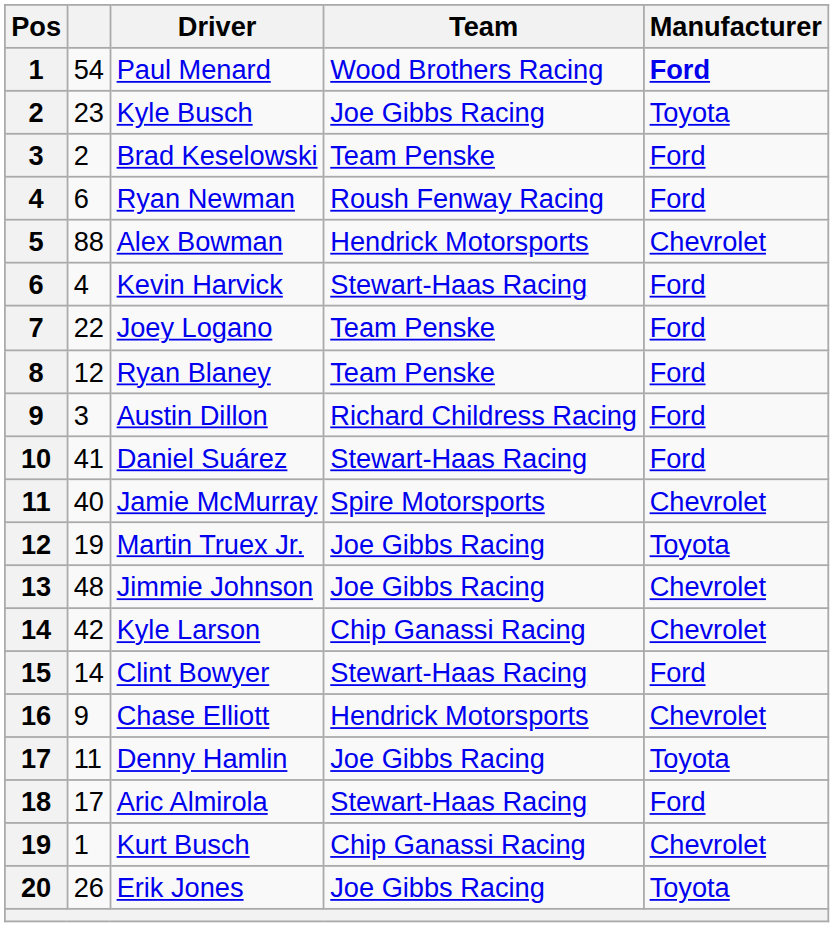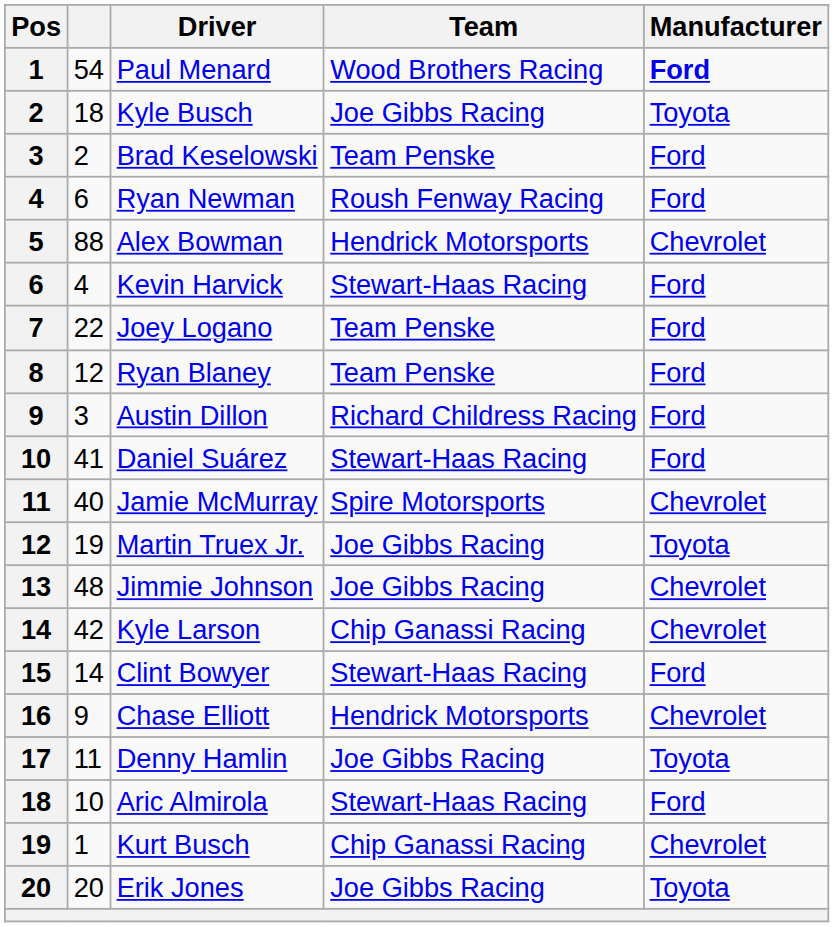 <table class="wikitable" style="font-size:95%">
 <tr>
 <th>Pos</th>
 <th></th>
 <th>Driver</th>
 <th>Team</th>
 <th>Manufacturer</th>
 </tr>
 <tr>
 <th>1</th>
 <td>54</td>
 <td><a href='#'>Paul Menard</a></td>
 <td><a href='#'>Wood Brothers Racing</a></td>
 <td><strong><a href='#'>Ford</a></strong></td>
 </tr>
 <tr>
 <th>2</th>
-<td>23</td>
+<td>18</td>
 <td><a href='#'>Kyle Busch</a></td>
 <td><a href='#'>Joe Gibbs Racing</a></td>
 <td><a href='#'>Toyota</a></td>
 </tr>
 <tr>
 <th>3</th>
 <td>2</td>
 <td><a href='#'>Brad Keselowski</a></td>
 <td><a href='#'>Team Penske</a></td>
 <td><a href='#'>Ford</a></td>
 </tr>
 <tr>
 <th>4</th>
 <td>6</td>
 <td><a href='#'>Ryan Newman</a></td>
 <td><a href='#'>Roush Fenway Racing</a></td>
 <td><a href='#'>Ford</a></td>
 </tr>
 <tr>
 <th>5</th>
 <td>88</td>
 <td><a href='#'>Alex Bowman</a></td>
 <td><a href='#'>Hendrick Motorsports</a></td>
 <td><a href='#'>Chevrolet</a></td>
 </tr>
 <tr>
 <th>6</th>
 <td>4</td>
 <td><a href='#'>Kevin Harvick</a></td>
 <td><a href='#'>Stewart-Haas Racing</a></td>
 <td><a href='#'>Ford</a></td>
 </tr>
 <tr>
 <th>7</th>
 <td>22</td>
 <td><a href='#'>Joey Logano</a></td>
 <td><a href='#'>Team Penske</a></td>
 <td><a href='#'>Ford</a></td>
 </tr>
 <tr>
 <th>8</th>
 <td>12</td>
 <td><a href='#'>Ryan Blaney</a></td>
 <td><a href='#'>Team Penske</a></td>
 <td><a href='#'>Ford</a></td>
 </tr>
 <tr>
 <th>9</th>
 <td>3</td>
 <td><a href='#'>Austin Dillon</a></td>
 <td><a href='#'>Richard Childress Racing</a></td>
 <td><a href='#'>Ford</a></td>
 </tr>
 <tr>
 <th>10</th>
 <td>41</td>
 <td><a href='#'>Daniel Suárez</a></td>
 <td><a href='#'>Stewart-Haas Racing</a></td>
 <td><a href='#'>Ford</a></td>
 </tr>
 <tr>
 <th>11</th>
 <td>40</td>
 <td><a href='#'>Jamie McMurray</a></td>
 <td><a href='#'>Spire Motorsports</a></td>
 <td><a href='#'>Chevrolet</a></td>
 </tr>
 <tr>
 <th>12</th>
 <td>19</td>
 <td><a href='#'>Martin Truex Jr.</a></td>
 <td><a href='#'>Joe Gibbs Racing</a></td>
 <td><a href='#'>Toyota</a></td>
 </tr>
 <tr>
 <th>13</th>
 <td>48</td>
 <td><a href='#'>Jimmie Johnson</a></td>
 <td><a href='#'>Joe Gibbs Racing</a></td>
 <td><a href='#'>Chevrolet</a></td>
 </tr>
 <tr>
 <th>14</th>
 <td>42</td>
 <td><a href='#'>Kyle Larson</a></td>
 <td><a href='#'>Chip Ganassi Racing</a></td>
 <td><a href='#'>Chevrolet</a></td>
 </tr>
 <tr>
 <th>15</th>
 <td>14</td>
 <td><a href='#'>Clint Bowyer</a></td>
 <td><a href='#'>Stewart-Haas Racing</a></td>
 <td><a href='#'>Ford</a></td>
 </tr>
 <tr>
 <th>16</th>
 <td>9</td>
 <td><a href='#'>Chase Elliott</a></td>
 <td><a href='#'>Hendrick Motorsports</a></td>
 <td><a href='#'>Chevrolet</a></td>
 </tr>
 <tr>
 <th>17</th>
 <td>11</td>
 <td><a href='#'>Denny Hamlin</a></td>
 <td><a href='#'>Joe Gibbs Racing</a></td>
 <td><a href='#'>Toyota</a></td>
 </tr>
 <tr>
 <th>18</th>
-<td>17</td>
+<td>10</td>
 <td><a href='#'>Aric Almirola</a></td>
 <td><a href='#'>Stewart-Haas Racing</a></td>
 <td><a href='#'>Ford</a></td>
 </tr>
 <tr>
 <th>19</th>
 <td>1</td>
 <td><a href='#'>Kurt Busch</a></td>
 <td><a href='#'>Chip Ganassi Racing</a></td>
 <td><a href='#'>Chevrolet</a></td>
 </tr>
 <tr>
 <th>20</th>
-<td>26</td>
+<td>20</td>
 <td><a href='#'>Erik Jones</a></td>
 <td><a href='#'>Joe Gibbs Racing</a></td>
 <td><a href='#'>Toyota</a></td>
 </tr>
 <tr>
 <th colspan="7"></th>
 </tr>
 </table>
